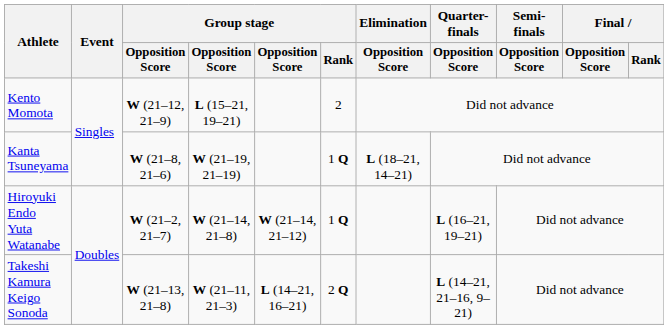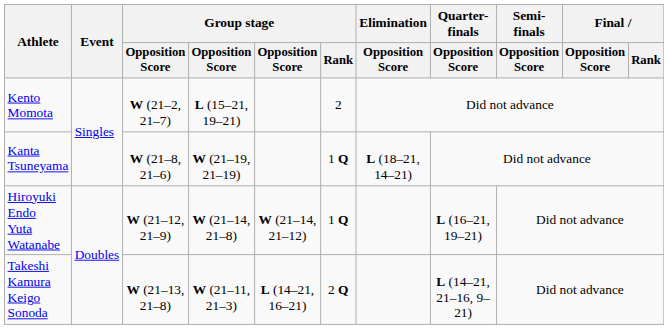 <table class="wikitable" style="font-size:90%; text-align:center">
 <tr>
 <th rowspan="2">Athlete</th>
 <th rowspan="2">Event</th>
 <th colspan="4">Group stage</th>
 <th>Elimination</th>
 <th>Quarter-finals</th>
 <th>Semi-finals</th>
 <th colspan="2">Final / </th>
 </tr>
 <tr style="font-size:95%">
 <th>Opposition<br>Score</th>
 <th>Opposition<br>Score</th>
 <th>Opposition<br>Score</th>
 <th>Rank</th>
 <th>Opposition<br>Score</th>
 <th>Opposition<br>Score</th>
 <th>Opposition<br>Score</th>
 <th>Opposition<br>Score</th>
 <th>Rank</th>
 </tr>
 <tr>
 <td align="left"><a href='#'>Kento Momota</a></td>
 <td rowspan="2" align="left"><a href='#'>Singles</a></td>
-<td><br><strong>W</strong> (21–12, 21–9)</td>
+<td><br><strong>W</strong> (21–2, 21–7)</td>
 <td><br><strong>L</strong> (15–21, 19–21)</td>
 <td></td>
 <td>2</td>
 <td colspan=5>Did not advance</td>
 </tr>
 <tr>
 <td align="left"><a href='#'>Kanta Tsuneyama</a></td>
 <td><br><strong>W</strong> (21–8, 21–6)</td>
 <td><br><strong>W</strong> (21–19, 21–19)</td>
 <td></td>
 <td>1 <strong>Q</strong></td>
 <td><br><strong>L</strong> (18–21, 14–21)</td>
 <td colspan=4>Did not advance</td>
 </tr>
 <tr>
 <td align="left"><a href='#'>Hiroyuki Endo</a><br><a href='#'>Yuta Watanabe</a></td>
 <td rowspan="2" align="left"><a href='#'>Doubles</a></td>
-<td><br><strong>W</strong> (21–2, 21–7)</td>
+<td><br><strong>W</strong> (21–12, 21–9)</td>
 <td><br><strong>W</strong> (21–14, 21–8)</td>
 <td><br><strong>W</strong> (21–14, 21–12)</td>
 <td>1 <strong>Q</strong></td>
 <td></td>
 <td><br><strong>L</strong> (16–21, 19–21)</td>
 <td colspan=3>Did not advance</td>
 </tr>
 <tr>
 <td align="left"><a href='#'>Takeshi Kamura</a><br><a href='#'>Keigo Sonoda</a></td>
 <td><br><strong>W</strong> (21–13, 21–8)</td>
 <td><br><strong>W</strong> (21–11, 21–3)</td>
 <td><br><strong>L</strong> (14–21, 16–21)</td>
 <td>2 <strong>Q</strong></td>
 <td></td>
 <td><br><strong>L</strong> (14–21, 21–16, 9–21)</td>
 <td colspan=3>Did not advance</td>
 </tr>
 </table>
